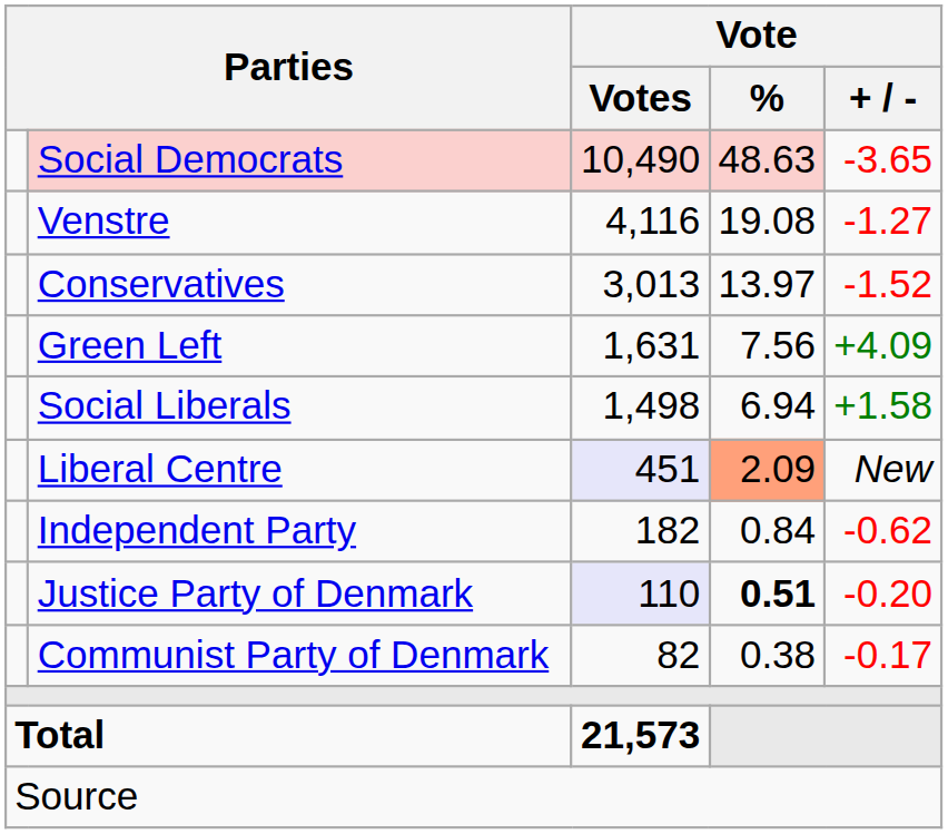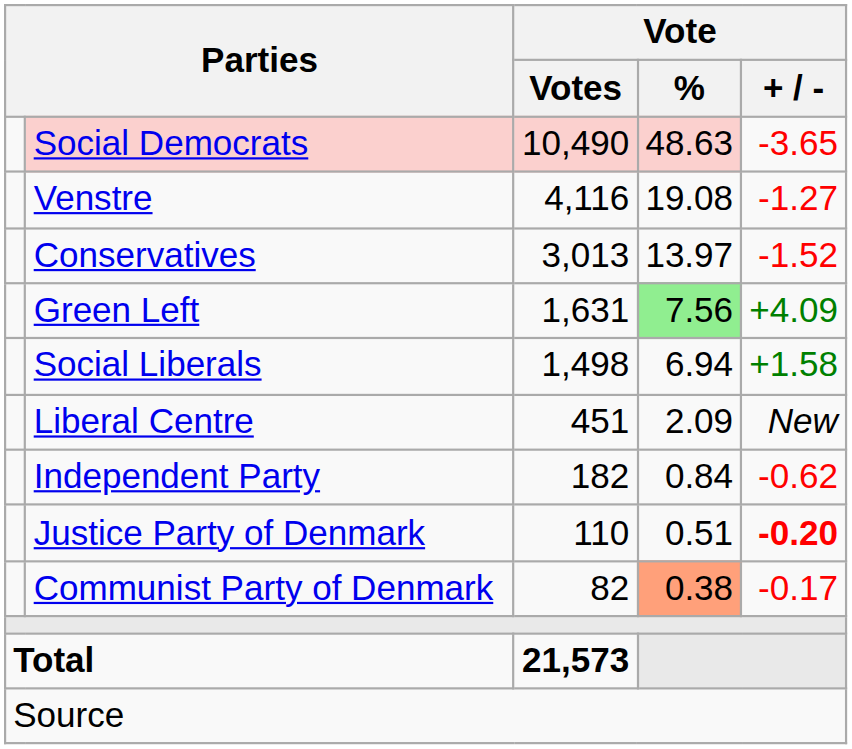 <table class="wikitable" style="text-align:right;">
 <tr>
 <th style="text-align:centre;" rowspan="2" colspan="2" width="225">Parties</th>
 <th colspan="3">Vote</th>
 </tr>
 <tr>
 <th width="15">Votes</th>
 <th width="15">%</th>
 <th width="15">+ / -</th>
 </tr>
 <tr>
 <td width="2" style="color:inherit;background:"></td>
 <td bgcolor=#fbd0ce  align="left"><a href='#'>Social Democrats</a></td>
 <td bgcolor=#fbd0ce>10,490</td>
 <td bgcolor=#fbd0ce>48.63</td>
 <td style=color:red;>-3.65</td>
 </tr>
 <tr>
 <td width="2" style="color:inherit;background:"></td>
 <td align="left"><a href='#'>Venstre</a></td>
 <td>4,116</td>
 <td>19.08</td>
 <td style=color:red;>-1.27</td>
 </tr>
 <tr>
 <td width="2" style="color:inherit;background:"></td>
 <td align="left"><a href='#'>Conservatives</a></td>
 <td>3,013</td>
 <td>13.97</td>
 <td style=color:red;>-1.52</td>
 </tr>
 <tr>
 <td width="2" style="color:inherit;background:"></td>
 <td align="left"><a href='#'>Green Left</a></td>
 <td>1,631</td>
-<td>7.56</td>
+<td style="background: lightgreen;">7.56</td>
 <td style=color:green;>+4.09</td>
 </tr>
 <tr>
 <td width="2" style="color:inherit;background:"></td>
 <td align="left"><a href='#'>Social Liberals</a></td>
 <td>1,498</td>
 <td>6.94</td>
 <td style=color:green;>+1.58</td>
 </tr>
 <tr>
 <td width="2" style="color:inherit;background:"></td>
 <td align="left"><a href='#'>Liberal Centre</a></td>
-<td style="background: lavender;">451</td>
-<td style="background: lightsalmon;">2.09</td>
+<td>451</td>
+<td>2.09</td>
 <td><em>New</em></td>
 </tr>
 <tr>
 <td width="2" style="color:inherit;background:"></td>
 <td align="left"><a href='#'>Independent Party</a></td>
 <td>182</td>
 <td>0.84</td>
 <td style=color:red;>-0.62</td>
 </tr>
 <tr>
 <td width="2" style="color:inherit;background:"></td>
 <td align="left"><a href='#'>Justice Party of Denmark</a></td>
-<td style="background: lavender;">110</td>
-<td><strong>0.51</strong></td>
-<td style=color:red;>-0.20</td>
+<td>110</td>
+<td>0.51</td>
+<td style=color:red;><strong>-0.20</strong></td>
 </tr>
 <tr>
 <td width="2" style="color:inherit;background:"></td>
 <td align="left"><a href='#'>Communist Party of Denmark</a></td>
 <td>82</td>
-<td>0.38</td>
+<td style="background: lightsalmon;">0.38</td>
 <td style=color:red;>-0.17</td>
 </tr>
 <tr>
 <td colspan="7" bgcolor="#E9E9E9"></td>
 </tr>
 <tr>
 <td align="left" colspan="2"><strong>Total</strong></td>
 <td><strong>21,573</strong></td>
 <td bgcolor="#E9E9E9" colspan="2"></td>
 </tr>
 <tr>
 <td align="left" colspan="6">Source</td>
 </tr>
 </table>
